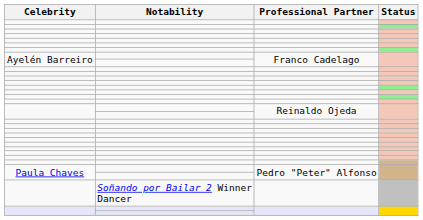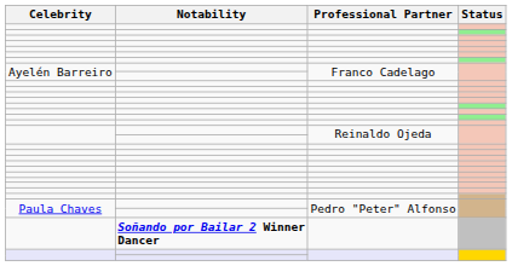 <table class="wikitable sortable" style="margin:auto; font-size:95%">
 <tr>
 <th>Celebrity</th>
 <th>Notability</th>
 <th>Professional Partner</th>
 <th>Status</th>
 </tr>
 <tr>
 <td></td>
 <td></td>
 <td></td>
 <td style="background:#f4c7b8;"></td>
 </tr>
 <tr>
 <td></td>
 <td></td>
 <td></td>
 <td style="background:lightgreen;"></td>
 </tr>
 <tr>
 <td></td>
 <td></td>
 <td></td>
 <td style="background:#f4c7b8;"></td>
 </tr>
 <tr>
 <td></td>
 <td></td>
 <td></td>
 <td style="background:#f4c7b8;"></td>
 </tr>
 <tr>
 <td></td>
 <td></td>
 <td></td>
 <td style="background:#f4c7b8;"></td>
 </tr>
 <tr>
 <td></td>
 <td></td>
 <td></td>
 <td style="background:#f4c7b8;"></td>
 </tr>
 <tr>
 <td></td>
 <td></td>
 <td></td>
 <td style="background:lightgreen;"></td>
 </tr>
 <tr>
 <td rowspan=2 style="text-align:center;">Ayelén Barreiro</td>
 <td></td>
 <td rowspan=2 style="text-align:center;">Franco Cadelago</td>
 <td rowspan=2 style="background:#f4c7b8;"></td>
 </tr>
 <tr>
 <td></td>
 </tr>
 <tr>
 <td></td>
 <td></td>
 <td></td>
 <td style="background:#f4c7b8;"></td>
 </tr>
 <tr>
 <td></td>
 <td></td>
 <td></td>
 <td style="background:#f4c7b8;"></td>
 </tr>
 <tr>
 <td></td>
 <td></td>
 <td></td>
 <td style="background:#f4c7b8;"></td>
 </tr>
 <tr>
 <td></td>
 <td></td>
 <td></td>
 <td style="background:#f4c7b8;"></td>
 </tr>
 <tr>
 <td></td>
 <td></td>
 <td></td>
 <td style="background:lightgreen;"></td>
 </tr>
 <tr>
 <td></td>
 <td></td>
 <td></td>
 <td style="background:#f4c7b8;"></td>
 </tr>
 <tr>
 <td></td>
 <td></td>
 <td></td>
 <td style="background:lightgreen;"></td>
 </tr>
 <tr>
 <td></td>
 <td></td>
 <td></td>
 <td style="background:#f4c7b8;"></td>
 </tr>
 <tr>
 <td rowspan=2></td>
 <td></td>
 <td rowspan=2 style="text-align:center;">Reinaldo Ojeda</td>
 <td rowspan=2 style="background:#f4c7b8;"></td>
 </tr>
 <tr>
 <td></td>
 </tr>
 <tr>
 <td></td>
 <td></td>
 <td></td>
 <td style="background:#f4c7b8;"></td>
 </tr>
 <tr>
 <td></td>
 <td></td>
 <td></td>
 <td style="background:#f4c7b8;"></td>
 </tr>
 <tr>
 <td></td>
 <td></td>
 <td></td>
 <td style="background:#f4c7b8;"></td>
 </tr>
 <tr>
 <td></td>
 <td></td>
 <td></td>
 <td style="background:#f4c7b8;"></td>
 </tr>
 <tr>
 <td></td>
 <td></td>
 <td></td>
 <td style="background:#f4c7b8;"></td>
 </tr>
 <tr>
 <td></td>
 <td></td>
 <td></td>
 <td style="background:#f4c7b8;"></td>
 </tr>
 <tr>
 <td></td>
 <td></td>
 <td></td>
 <td style="background:#f4c7b8;"></td>
 </tr>
 <tr>
 <td></td>
 <td></td>
 <td></td>
 <td style="background:#f4c7b8;"></td>
 </tr>
 <tr>
 <td></td>
 <td></td>
 <td></td>
 <td style="background:#f4c7b8;"></td>
 </tr>
 <tr>
 <td></td>
 <td></td>
 <td></td>
 <td style="background:tan;"></td>
 </tr>
 <tr>
 <td rowspan=2 style="text-align:center;"><a href='#'>Paula Chaves</a></td>
 <td></td>
 <td rowspan=2 style="text-align:center;">Pedro "Peter" Alfonso</td>
 <td rowspan=2 style="background:tan;"></td>
 </tr>
 <tr>
 <td></td>
 </tr>
 <tr>
 <td></td>
-<td><div><em><a href='#'>Soñando por Bailar 2</a></em> Winner<br>Dancer </div></td>
+<td><strong><div><em><a href='#'>Soñando por Bailar 2</a></em> Winner<br>Dancer </div></strong></td>
 <td></td>
 <td style="background:silver;"></td>
 </tr>
 <tr>
 <td rowspan=2 style="background:lavender;"></td>
 <td style="background:lavender;"></td>
 <td rowspan=2 style="background:lavender;"></td>
 <td rowspan=2 style="background:gold;"></td>
 </tr>
 <tr>
 <td style="background:lavender;"></td>
 </tr>
 </table>
